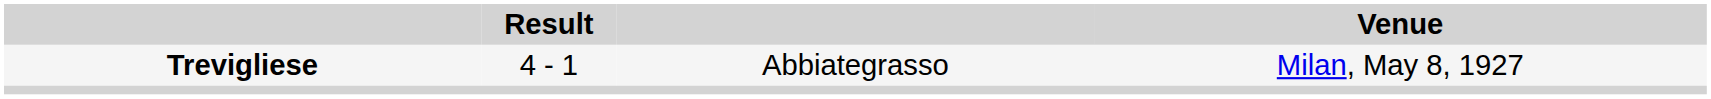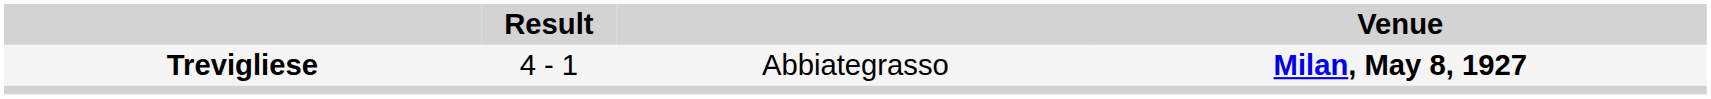 <table style="font-size:85%; text-align:center;" border=0 cellspacing=0 cellpadding=2 width=50%>
 <tr bgcolor=#D3D3D3>
 <th width=28%></th>
 <th width=8%>Result</th>
 <th width=28%></th>
 <th width=36%>Venue</th>
 </tr>
 <tr bgcolor=#F5F5F5>
 <td><strong>Trevigliese</strong></td>
 <td>4 - 1</td>
 <td>Abbiategrasso</td>
-<td><a href='#'>Milan</a>, May 8, 1927</td>
+<td><strong><a href='#'>Milan</a>, May 8, 1927</strong></td>
 </tr>
 <tr bgcolor=#D3D3D3>
 <td colspan=4></td>
 </tr>
 </table>
